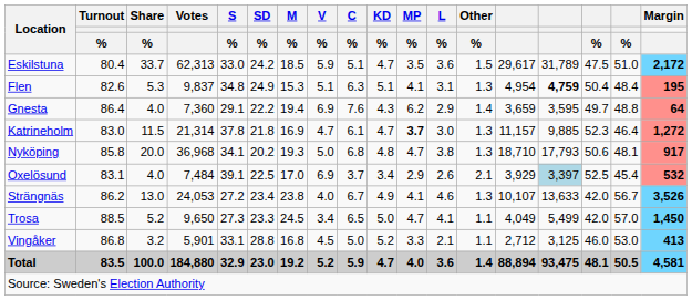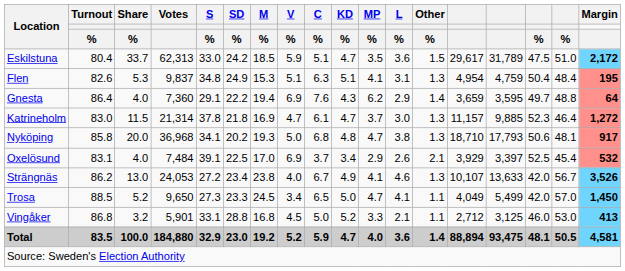 <table class="wikitable sortable" style="text-align:right; font-size:95%; line-height:20px;">
 <tr>
 <th rowspan="3">Location</th>
 <th>Turnout</th>
 <th>Share</th>
 <th>Votes</th>
 <th width="30px" class="unsortable"><a href='#'>S</a></th>
 <th width="30px" class="unsortable"><a href='#'>SD</a></th>
 <th width="30px" class="unsortable"><a href='#'>M</a></th>
 <th width="30px" class="unsortable"><a href='#'>V</a></th>
 <th width="30px" class="unsortable"><a href='#'>C</a></th>
 <th width="30px" class="unsortable"><a href='#'>KD</a></th>
 <th width="30px" class="unsortable"><a href='#'>MP</a></th>
 <th width="30px" class="unsortable"><a href='#'>L</a></th>
 <th width="30px" class="unsortable">Other</th>
 <th></th>
 <th></th>
 <th></th>
 <th></th>
 <th>Margin</th>
 </tr>
 <tr>
 <th></th>
 <th></th>
 <th></th>
 <th style="background:"></th>
 <th style="background:"></th>
 <th style="background:"></th>
 <th style="background:"></th>
 <th style="background:"></th>
 <th style="background:"></th>
 <th style="background:"></th>
 <th style="background:"></th>
 <th style="background:"></th>
 <th style="background:"></th>
 <th style="background:"></th>
 <th style="background:"></th>
 <th style="background:"></th>
 </tr>
 <tr>
 <th data-sort-type="number">%</th>
 <th data-sort-type="number">%</th>
 <th></th>
 <th data-sort-type="number">%</th>
 <th data-sort-type="number">%</th>
 <th data-sort-type="number">%</th>
 <th data-sort-type="number">%</th>
 <th data-sort-type="number">%</th>
 <th data-sort-type="number">%</th>
 <th data-sort-type="number">%</th>
 <th data-sort-type="number">%</th>
 <th data-sort-type="number">%</th>
 <th data-sort-type="number"></th>
 <th data-sort-type="number"></th>
 <th data-sort-type="number">%</th>
 <th data-sort-type="number">%</th>
 <th data-sort-type="number"></th>
 </tr>
 <tr>
 <td align="left"><a href='#'>Eskilstuna</a></td>
 <td>80.4</td>
 <td>33.7</td>
 <td>62,313</td>
 <td>33.0</td>
 <td>24.2</td>
 <td>18.5</td>
 <td>5.9</td>
 <td>5.1</td>
 <td>4.7</td>
 <td>3.5</td>
 <td>3.6</td>
 <td>1.5</td>
 <td>29,617</td>
 <td>31,789</td>
 <td>47.5</td>
 <td>51.0</td>
 <td bgcolor=#6fd5fe><strong>2,172</strong></td>
 </tr>
 <tr>
 <td align="left"><a href='#'>Flen</a></td>
 <td>82.6</td>
 <td>5.3</td>
 <td>9,837</td>
 <td>34.8</td>
 <td>24.9</td>
 <td>15.3</td>
 <td>5.1</td>
 <td>6.3</td>
 <td>5.1</td>
 <td>4.1</td>
 <td>3.1</td>
 <td>1.3</td>
 <td>4,954</td>
-<td><strong>4,759</strong></td>
+<td>4,759</td>
 <td>50.4</td>
 <td>48.4</td>
 <td bgcolor=#ff908c><strong>195</strong></td>
 </tr>
 <tr>
 <td align="left"><a href='#'>Gnesta</a></td>
 <td>86.4</td>
 <td>4.0</td>
 <td>7,360</td>
 <td>29.1</td>
 <td>22.2</td>
 <td>19.4</td>
 <td>6.9</td>
 <td>7.6</td>
 <td>4.3</td>
 <td>6.2</td>
 <td>2.9</td>
 <td>1.4</td>
 <td>3,659</td>
 <td>3,595</td>
 <td>49.7</td>
 <td>48.8</td>
 <td bgcolor=#ff908c><strong>64</strong></td>
 </tr>
 <tr>
 <td align="left"><a href='#'>Katrineholm</a></td>
 <td>83.0</td>
 <td>11.5</td>
 <td>21,314</td>
 <td>37.8</td>
 <td>21.8</td>
 <td>16.9</td>
 <td>4.7</td>
 <td>6.1</td>
 <td>4.7</td>
-<td><strong>3.7</strong></td>
+<td>3.7</td>
 <td>3.0</td>
 <td>1.3</td>
 <td>11,157</td>
 <td>9,885</td>
 <td>52.3</td>
 <td>46.4</td>
 <td bgcolor=#ff908c><strong>1,272</strong></td>
 </tr>
 <tr>
 <td align="left"><a href='#'>Nyköping</a></td>
 <td>85.8</td>
 <td>20.0</td>
 <td>36,968</td>
 <td>34.1</td>
 <td>20.2</td>
 <td>19.3</td>
 <td>5.0</td>
 <td>6.8</td>
 <td>4.8</td>
 <td>4.7</td>
 <td>3.8</td>
 <td>1.3</td>
 <td>18,710</td>
 <td>17,793</td>
 <td>50.6</td>
 <td>48.1</td>
 <td bgcolor=#ff908c><strong>917</strong></td>
 </tr>
 <tr>
 <td align="left"><a href='#'>Oxelösund</a></td>
 <td>83.1</td>
 <td>4.0</td>
 <td>7,484</td>
 <td>39.1</td>
 <td>22.5</td>
 <td>17.0</td>
 <td>6.9</td>
 <td>3.7</td>
 <td>3.4</td>
 <td>2.9</td>
 <td>2.6</td>
 <td>2.1</td>
 <td>3,929</td>
-<td style="background: lightblue;">3,397</td>
+<td>3,397</td>
 <td>52.5</td>
 <td>45.4</td>
 <td bgcolor=#ff908c><strong>532</strong></td>
 </tr>
 <tr>
 <td align="left"><a href='#'>Strängnäs</a></td>
 <td>86.2</td>
 <td>13.0</td>
 <td>24,053</td>
 <td>27.2</td>
 <td>23.4</td>
 <td>23.8</td>
 <td>4.0</td>
 <td>6.7</td>
 <td>4.9</td>
 <td>4.1</td>
 <td>4.6</td>
 <td>1.3</td>
 <td>10,107</td>
 <td>13,633</td>
 <td>42.0</td>
 <td>56.7</td>
 <td bgcolor=#6fd5fe><strong>3,526</strong></td>
 </tr>
 <tr>
 <td align="left"><a href='#'>Trosa</a></td>
 <td>88.5</td>
 <td>5.2</td>
 <td>9,650</td>
 <td>27.3</td>
 <td>23.3</td>
 <td>24.5</td>
 <td>3.4</td>
 <td>6.5</td>
 <td>5.0</td>
 <td>4.7</td>
 <td>4.1</td>
 <td>1.1</td>
 <td>4,049</td>
 <td>5,499</td>
 <td>42.0</td>
 <td>57.0</td>
 <td bgcolor=#6fd5fe><strong>1,450</strong></td>
 </tr>
 <tr>
 <td align="left"><a href='#'>Vingåker</a></td>
 <td>86.8</td>
 <td>3.2</td>
 <td>5,901</td>
 <td>33.1</td>
 <td>28.8</td>
 <td>16.8</td>
 <td>4.5</td>
 <td>5.0</td>
 <td>5.2</td>
 <td>3.3</td>
 <td>2.1</td>
 <td>1.1</td>
 <td>2,712</td>
 <td>3,125</td>
 <td>46.0</td>
 <td>53.0</td>
 <td bgcolor=#6fd5fe><strong>413</strong></td>
 </tr>
 <tr style="background:#CDCDCD;">
 <td align="left"><strong>Total</strong></td>
 <td><strong>83.5</strong></td>
 <td><strong>100.0</strong></td>
 <td><strong>184,880</strong></td>
 <td><strong>32.9</strong></td>
 <td><strong>23.0</strong></td>
 <td><strong>19.2</strong></td>
 <td><strong>5.2</strong></td>
 <td><strong>5.9</strong></td>
 <td><strong>4.7</strong></td>
 <td><strong>4.0</strong></td>
 <td><strong>3.6</strong></td>
 <td><strong>1.4</strong></td>
 <td><strong>88,894</strong></td>
 <td><strong>93,475</strong></td>
 <td><strong>48.1</strong></td>
 <td><strong>50.5</strong></td>
 <td bgcolor=#6fd5fe><strong>4,581</strong></td>
 </tr>
 <tr>
 <td colspan="18" align="left">Source: Sweden's <a href='#'>Election Authority</a></td>
 </tr>
 </table>
